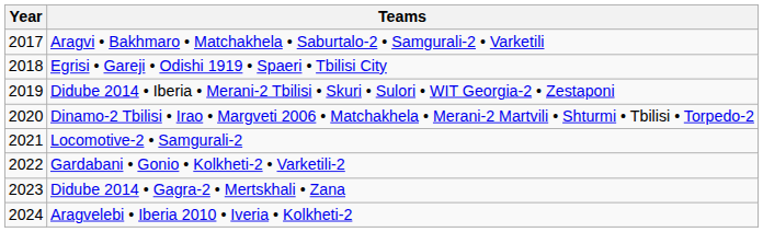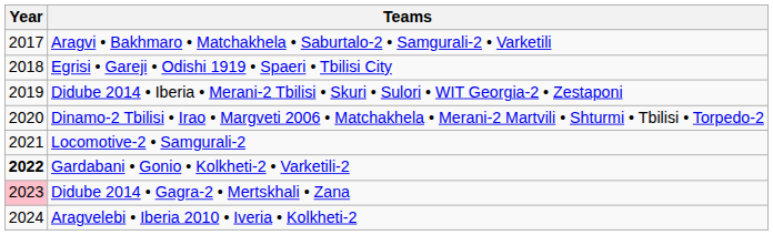 <table class="wikitable">
 <tr>
 <th>Year</th>
 <th>Teams</th>
 </tr>
 <tr>
 <td>2017</td>
 <td><a href='#'>Aragvi</a> • <a href='#'>Bakhmaro</a> • <a href='#'>Matchakhela</a> • <a href='#'>Saburtalo-2</a> • <a href='#'>Samgurali-2</a> • <a href='#'>Varketili</a></td>
 </tr>
 <tr>
 <td>2018</td>
 <td><a href='#'>Egrisi</a> • <a href='#'>Gareji</a> • <a href='#'>Odishi 1919</a> • <a href='#'>Spaeri</a> • <a href='#'>Tbilisi City</a></td>
 </tr>
 <tr>
 <td>2019</td>
 <td><a href='#'>Didube 2014</a> • Iberia • <a href='#'>Merani-2 Tbilisi</a> • <a href='#'>Skuri</a> • <a href='#'>Sulori</a> • <a href='#'>WIT Georgia-2</a> • <a href='#'>Zestaponi</a></td>
 </tr>
 <tr>
 <td>2020</td>
 <td><a href='#'>Dinamo-2 Tbilisi</a> • <a href='#'>Irao</a> • <a href='#'>Margveti 2006</a> • <a href='#'>Matchakhela</a> • <a href='#'>Merani-2 Martvili</a> • <a href='#'>Shturmi</a> • Tbilisi • <a href='#'>Torpedo-2</a></td>
 </tr>
 <tr>
 <td>2021</td>
 <td><a href='#'>Locomotive-2</a> • <a href='#'>Samgurali-2</a></td>
 </tr>
 <tr>
-<td>2022</td>
+<td><strong>2022</strong></td>
 <td><a href='#'>Gardabani</a> • <a href='#'>Gonio</a> • <a href='#'>Kolkheti-2</a> • <a href='#'>Varketili-2</a></td>
 </tr>
 <tr>
-<td>2023</td>
+<td style="background: pink;">2023</td>
 <td><a href='#'>Didube 2014</a> • <a href='#'>Gagra-2</a> • <a href='#'>Mertskhali</a> • <a href='#'>Zana</a></td>
 </tr>
 <tr>
 <td>2024</td>
 <td><a href='#'>Aragvelebi</a> • <a href='#'>Iberia 2010</a> • <a href='#'>Iveria</a> • <a href='#'>Kolkheti-2</a></td>
 </tr>
 </table>
